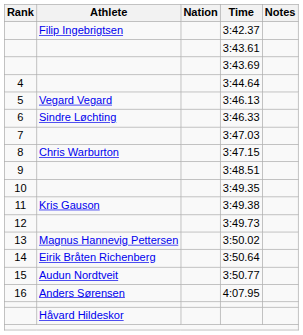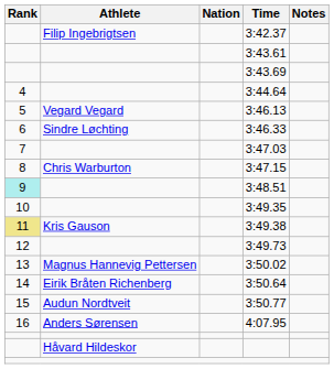 <table class="wikitable mw-datatable sortable" style="text-align:center;">
 <tr>
 <th scope="col" style="width: 10px;">Rank</th>
 <th scope="col">Athlete</th>
 <th scope="col">Nation</th>
 <th scope="col">Time</th>
 <th scope="col">Notes</th>
 </tr>
 <tr>
 <td></td>
 <td align="left"><a href='#'>Filip Ingebrigtsen</a></td>
 <td align="left"></td>
 <td>3:42.37</td>
 <td></td>
 </tr>
 <tr>
 <td></td>
 <td align="left"></td>
 <td align="left"></td>
 <td>3:43.61</td>
 <td></td>
 </tr>
 <tr>
 <td></td>
 <td align="left"></td>
 <td align="left"></td>
 <td>3:43.69</td>
 <td></td>
 </tr>
 <tr>
 <td>4</td>
 <td align="left"></td>
 <td align="left"></td>
 <td>3:44.64</td>
 <td></td>
 </tr>
 <tr>
 <td>5</td>
 <td align="left"><a href='#'>Vegard Vegard</a></td>
 <td align="left"></td>
 <td>3:46.13</td>
 <td></td>
 </tr>
 <tr>
 <td>6</td>
 <td align="left"><a href='#'>Sindre Løchting</a></td>
 <td align="left"></td>
 <td>3:46.33</td>
 <td></td>
 </tr>
 <tr>
 <td>7</td>
 <td align="left"></td>
 <td align="left"></td>
 <td>3:47.03</td>
 <td></td>
 </tr>
 <tr>
 <td>8</td>
 <td align="left"><a href='#'>Chris Warburton</a></td>
 <td align="left"></td>
 <td>3:47.15</td>
 <td></td>
 </tr>
 <tr>
-<td>9</td>
+<td style="background: paleturquoise;">9</td>
 <td align="left"></td>
 <td align="left"></td>
 <td>3:48.51</td>
 <td></td>
 </tr>
 <tr>
 <td>10</td>
 <td align="left"></td>
 <td align="left"></td>
 <td>3:49.35</td>
 <td></td>
 </tr>
 <tr>
-<td>11</td>
+<td style="background: khaki;">11</td>
 <td align="left"><a href='#'>Kris Gauson</a></td>
 <td align="left"></td>
 <td>3:49.38</td>
 <td></td>
 </tr>
 <tr>
 <td>12</td>
 <td align="left"></td>
 <td align="left"></td>
 <td>3:49.73</td>
 <td></td>
 </tr>
 <tr>
 <td>13</td>
 <td align="left"><a href='#'>Magnus Hannevig Pettersen</a></td>
 <td align="left"></td>
 <td>3:50.02</td>
 <td></td>
 </tr>
 <tr>
 <td>14</td>
 <td align="left"><a href='#'>Eirik Bråten Richenberg</a></td>
 <td align="left"></td>
 <td>3:50.64</td>
 <td></td>
 </tr>
 <tr>
 <td>15</td>
 <td align="left"><a href='#'>Audun Nordtveit</a></td>
 <td align="left"></td>
 <td>3:50.77</td>
 <td></td>
 </tr>
 <tr>
 <td>16</td>
 <td align="left"><a href='#'>Anders Sørensen</a></td>
 <td align="left"></td>
 <td>4:07.95</td>
 <td></td>
 </tr>
 <tr>
 <td></td>
 <td align="left"></td>
 <td align="left"></td>
 <td></td>
 <td></td>
 </tr>
 <tr>
 <td></td>
 <td align="left"><a href='#'>Håvard Hildeskor</a></td>
 <td align="left"></td>
 <td></td>
 <td></td>
 </tr>
 <tr class="sortbottom">
 <td colspan="5"></td>
 </tr>
 </table>
